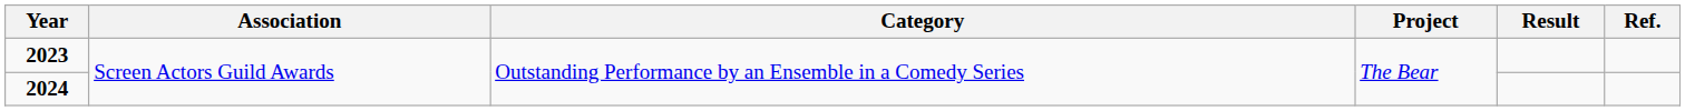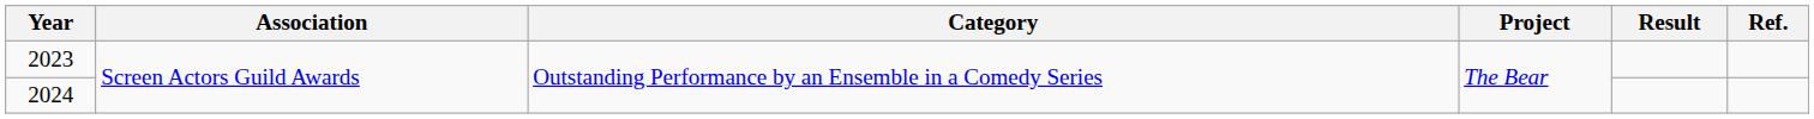 <table class="wikitable" width="100%">
 <tr>
 <th>Year</th>
 <th>Association</th>
 <th>Category</th>
 <th>Project</th>
 <th>Result</th>
 <th>Ref.</th>
 </tr>
 <tr>
-<td align="center"><strong>2023</strong></td>
+<td align="center">2023</td>
 <td rowspan="2"><a href='#'>Screen Actors Guild Awards</a></td>
 <td rowspan="2"><a href='#'>Outstanding Performance by an Ensemble in a Comedy Series</a></td>
 <td rowspan="2"><em><a href='#'>The Bear</a></em></td>
 <td></td>
 <td align="center"></td>
 </tr>
 <tr>
-<td align="center"><strong>2024</strong></td>
+<td align="center">2024</td>
 <td></td>
 <td align="center"></td>
 </tr>
 </table>
